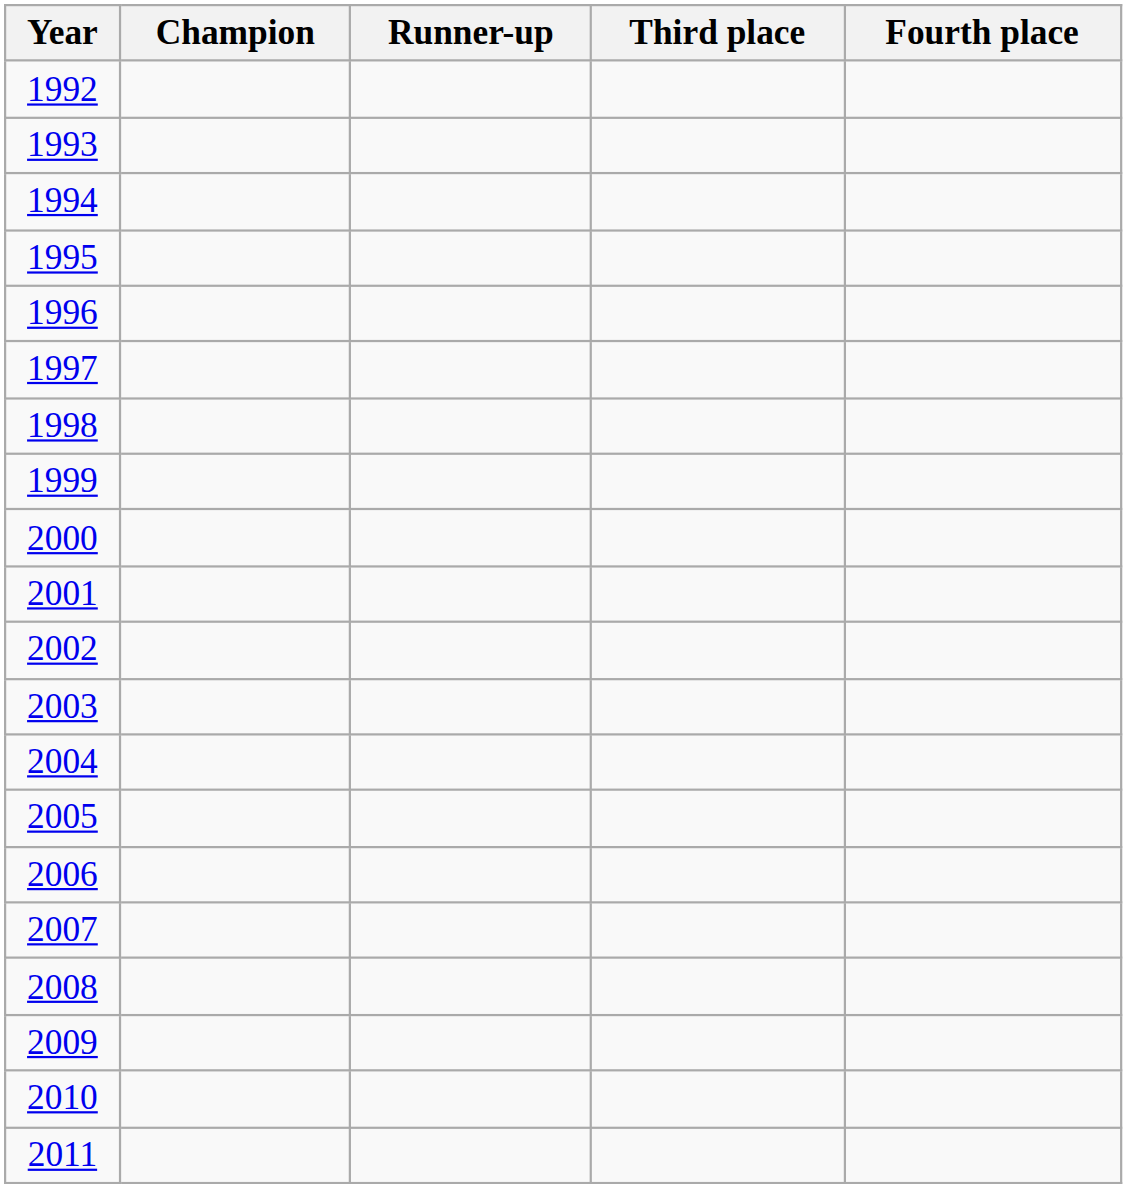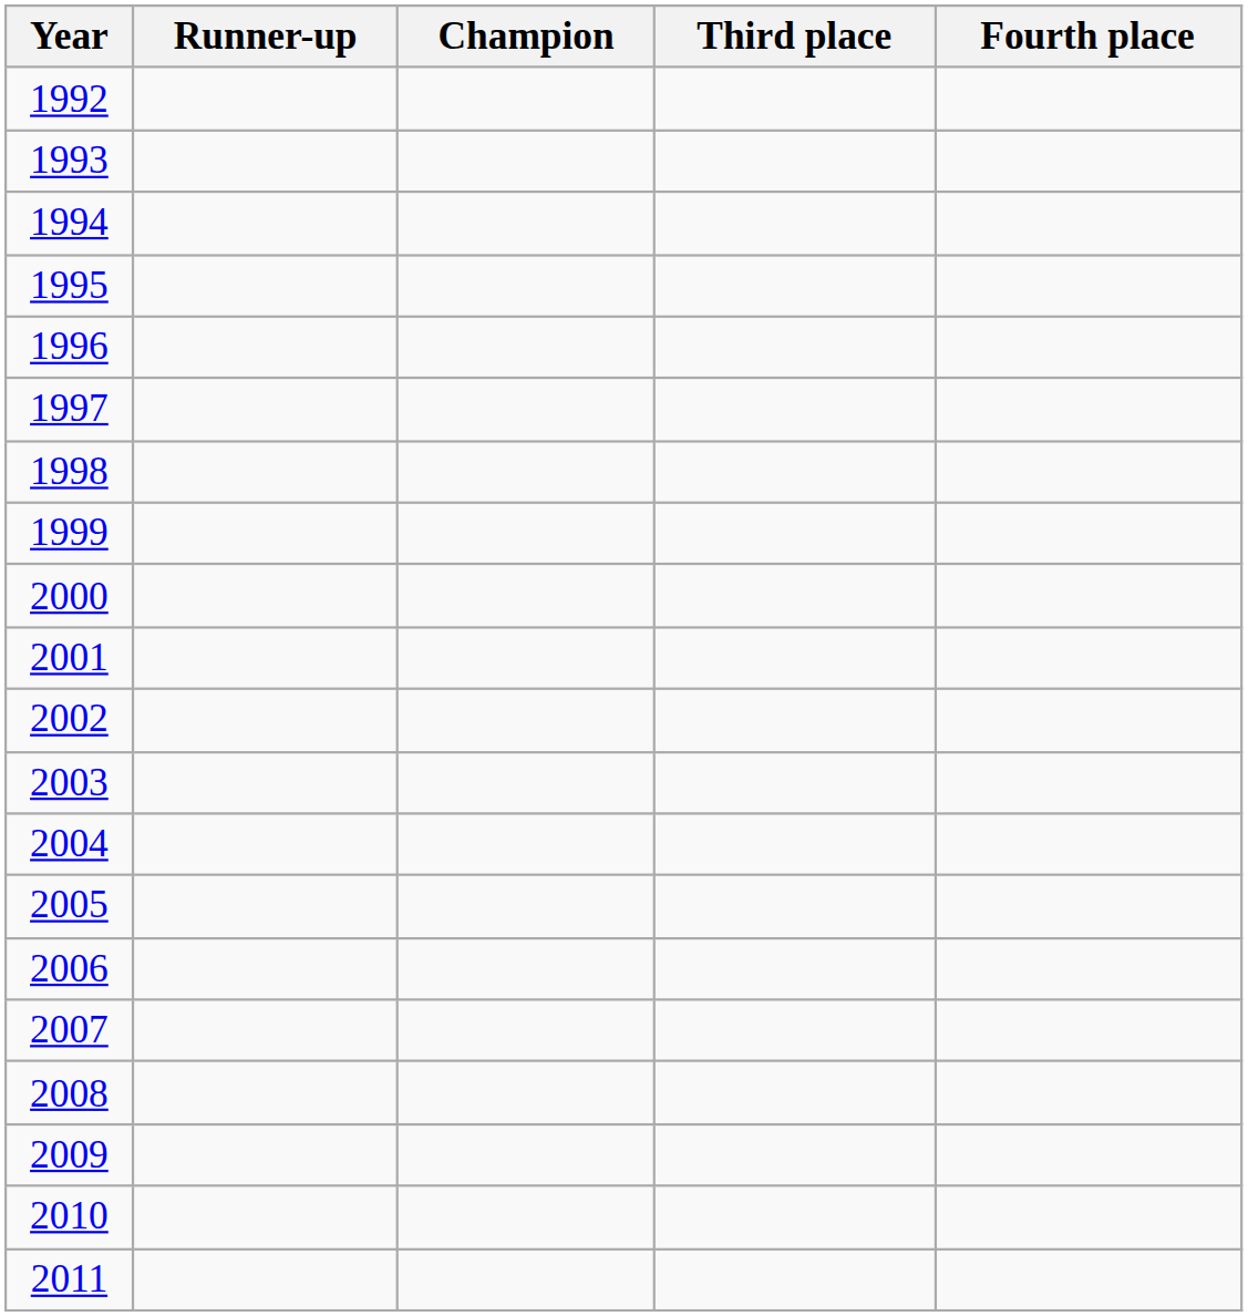 <table class="wikitable sortable" width=40%>
 <tr align="center">
 <th>Year</th>
+<th>Runner-up</th>
 <th>Champion</th>
-<th>Runner-up</th>
 <th>Third place</th>
 <th>Fourth place</th>
 </tr>
 <tr align="center">
 <td><a href='#'>1992</a></td>
 <td><a href='#'></a></td>
 <td><a href='#'></a></td>
 <td><a href='#'></a></td>
 <td><a href='#'></a></td>
 </tr>
 <tr align="center">
 <td><a href='#'>1993</a></td>
 <td><a href='#'></a></td>
 <td><a href='#'></a></td>
 <td><a href='#'></a></td>
 <td><a href='#'></a></td>
 </tr>
 <tr align="center">
 <td><a href='#'>1994</a></td>
 <td><a href='#'></a></td>
 <td><a href='#'></a></td>
 <td><a href='#'></a></td>
 <td><a href='#'></a></td>
 </tr>
 <tr align="center">
 <td><a href='#'>1995</a></td>
 <td><a href='#'></a></td>
 <td><a href='#'></a></td>
 <td><a href='#'></a></td>
 <td><a href='#'></a></td>
 </tr>
 <tr align="center">
 <td><a href='#'>1996</a></td>
 <td><a href='#'></a></td>
 <td><a href='#'></a></td>
 <td><a href='#'></a></td>
 <td><a href='#'></a></td>
 </tr>
 <tr align="center">
 <td><a href='#'>1997</a></td>
 <td><a href='#'></a></td>
 <td><a href='#'></a></td>
 <td><a href='#'></a></td>
 <td><a href='#'></a></td>
 </tr>
 <tr align="center">
 <td><a href='#'>1998</a></td>
 <td><a href='#'></a></td>
 <td><a href='#'></a></td>
 <td><a href='#'></a></td>
 <td><a href='#'></a></td>
 </tr>
 <tr align="center">
 <td><a href='#'>1999</a></td>
 <td><a href='#'></a></td>
 <td><a href='#'></a></td>
 <td><a href='#'></a></td>
 <td><a href='#'></a></td>
 </tr>
 <tr align="center">
 <td><a href='#'>2000</a></td>
 <td><a href='#'></a></td>
 <td><a href='#'></a></td>
 <td><a href='#'></a></td>
 <td><a href='#'></a></td>
 </tr>
 <tr align="center">
 <td><a href='#'>2001</a></td>
 <td><a href='#'></a></td>
 <td><a href='#'></a></td>
 <td><a href='#'></a></td>
 <td><a href='#'></a></td>
 </tr>
 <tr align="center">
 <td><a href='#'>2002</a></td>
 <td><a href='#'></a></td>
 <td><a href='#'></a></td>
 <td><a href='#'></a></td>
 <td><a href='#'></a></td>
 </tr>
 <tr align="center">
 <td><a href='#'>2003</a></td>
 <td><a href='#'></a></td>
 <td><a href='#'></a></td>
 <td><a href='#'></a></td>
 <td><a href='#'></a></td>
 </tr>
 <tr align="center">
 <td><a href='#'>2004</a></td>
 <td><a href='#'></a></td>
 <td><a href='#'></a></td>
 <td><a href='#'></a></td>
 <td><a href='#'></a></td>
 </tr>
 <tr align="center">
 <td><a href='#'>2005</a></td>
 <td><a href='#'></a></td>
 <td><a href='#'></a></td>
 <td><a href='#'></a></td>
 <td><a href='#'></a></td>
 </tr>
 <tr align="center">
 <td><a href='#'>2006</a></td>
 <td><a href='#'></a></td>
 <td><a href='#'></a></td>
 <td><a href='#'></a></td>
 <td><a href='#'></a></td>
 </tr>
 <tr align="center">
 <td><a href='#'>2007</a></td>
 <td><a href='#'></a></td>
 <td><a href='#'></a></td>
 <td><a href='#'></a></td>
 <td><a href='#'></a></td>
 </tr>
 <tr align="center">
 <td><a href='#'>2008</a></td>
 <td><a href='#'></a></td>
 <td><a href='#'></a></td>
 <td><a href='#'></a></td>
 <td><a href='#'></a></td>
 </tr>
 <tr align="center">
 <td><a href='#'>2009</a></td>
 <td><a href='#'></a></td>
 <td><a href='#'></a></td>
 <td><a href='#'></a></td>
 <td><a href='#'></a></td>
 </tr>
 <tr align="center">
 <td><a href='#'>2010</a></td>
 <td><a href='#'></a></td>
 <td><a href='#'></a></td>
 <td><a href='#'></a></td>
 <td><a href='#'></a></td>
 </tr>
 <tr align="center">
 <td><a href='#'>2011</a></td>
 <td><a href='#'></a></td>
 <td><a href='#'></a></td>
 <td><a href='#'></a></td>
 <td><a href='#'></a></td>
 </tr>
 </table>
